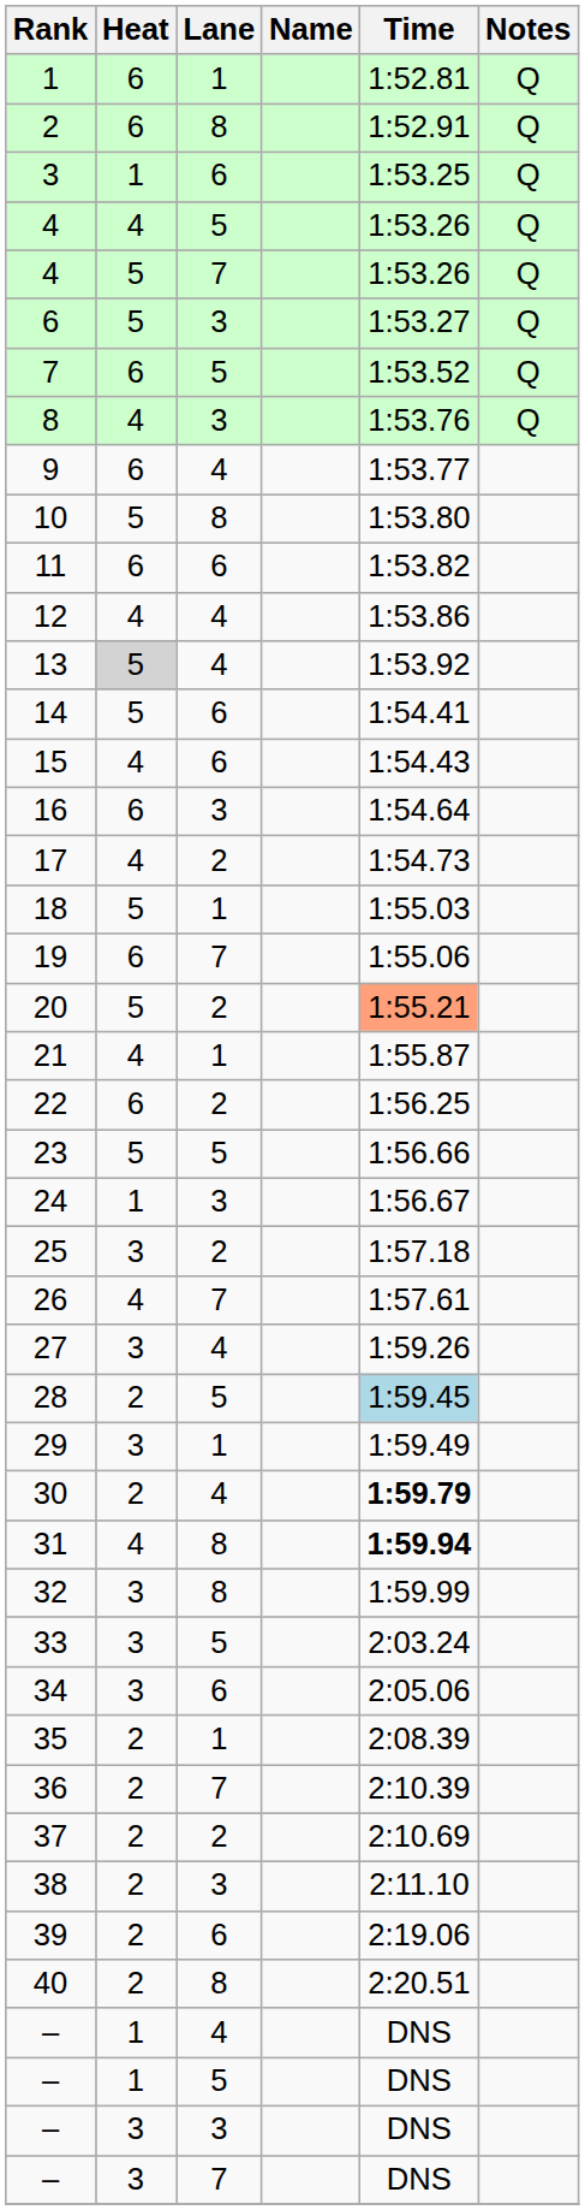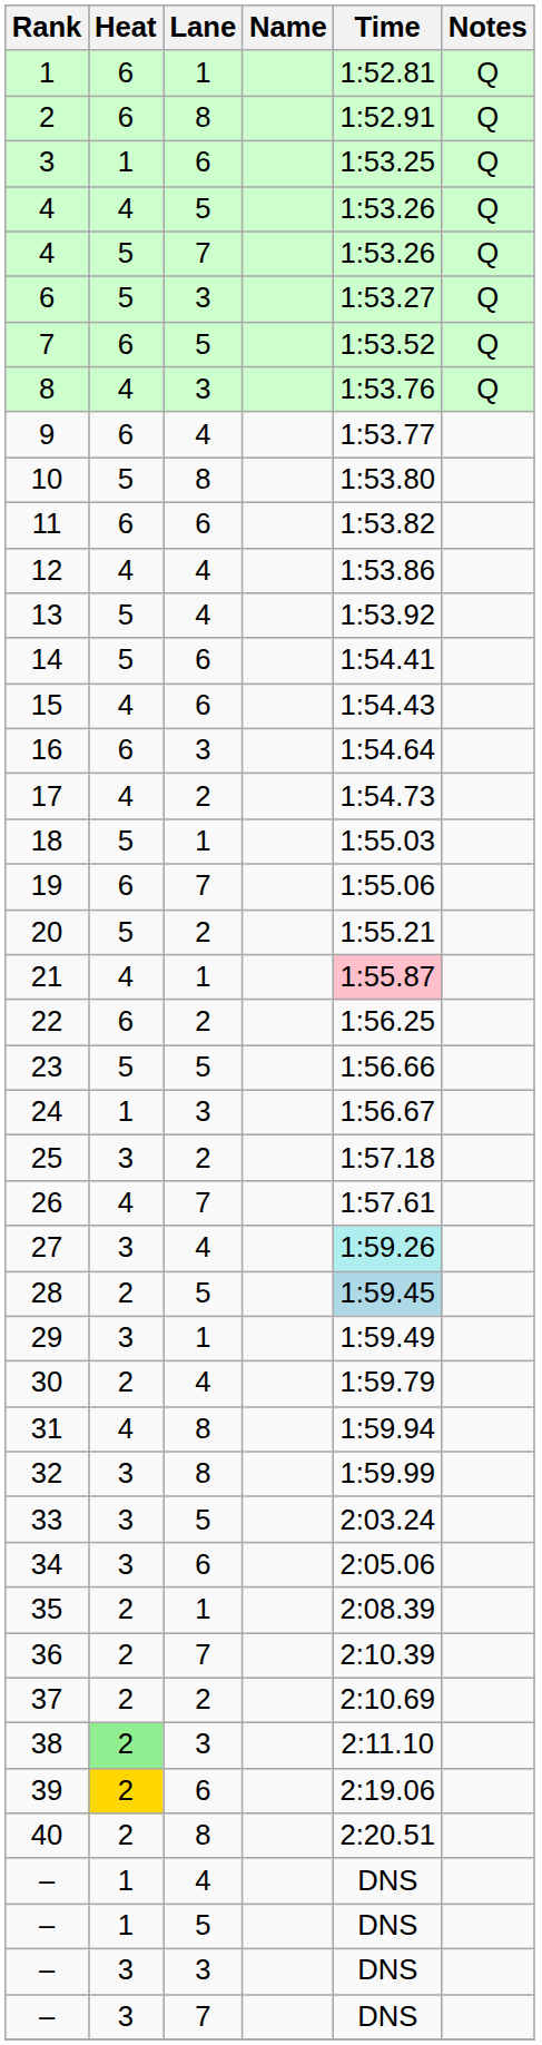 <table class="wikitable sortable" style="text-align:center">
 <tr>
 <th>Rank</th>
 <th>Heat</th>
 <th>Lane</th>
 <th>Name</th>
 <th>Time</th>
 <th>Notes</th>
 </tr>
 <tr bgcolor=ccffcc>
 <td>1</td>
 <td>6</td>
 <td>1</td>
 <td align=left></td>
 <td>1:52.81</td>
 <td>Q</td>
 </tr>
 <tr bgcolor=ccffcc>
 <td>2</td>
 <td>6</td>
 <td>8</td>
 <td align=left></td>
 <td>1:52.91</td>
 <td>Q</td>
 </tr>
 <tr bgcolor=ccffcc>
 <td>3</td>
 <td>1</td>
 <td>6</td>
 <td align=left></td>
 <td>1:53.25</td>
 <td>Q</td>
 </tr>
 <tr bgcolor=ccffcc>
 <td>4</td>
 <td>4</td>
 <td>5</td>
 <td align=left></td>
 <td>1:53.26</td>
 <td>Q</td>
 </tr>
 <tr bgcolor=ccffcc>
 <td>4</td>
 <td>5</td>
 <td>7</td>
 <td align=left></td>
 <td>1:53.26</td>
 <td>Q</td>
 </tr>
 <tr bgcolor=ccffcc>
 <td>6</td>
 <td>5</td>
 <td>3</td>
 <td align=left></td>
 <td>1:53.27</td>
 <td>Q</td>
 </tr>
 <tr bgcolor=ccffcc>
 <td>7</td>
 <td>6</td>
 <td>5</td>
 <td align=left></td>
 <td>1:53.52</td>
 <td>Q</td>
 </tr>
 <tr bgcolor=ccffcc>
 <td>8</td>
 <td>4</td>
 <td>3</td>
 <td align=left></td>
 <td>1:53.76</td>
 <td>Q</td>
 </tr>
 <tr>
 <td>9</td>
 <td>6</td>
 <td>4</td>
 <td align=left></td>
 <td>1:53.77</td>
 <td></td>
 </tr>
 <tr>
 <td>10</td>
 <td>5</td>
 <td>8</td>
 <td align=left></td>
 <td>1:53.80</td>
 <td></td>
 </tr>
 <tr>
 <td>11</td>
 <td>6</td>
 <td>6</td>
 <td align=left></td>
 <td>1:53.82</td>
 <td></td>
 </tr>
 <tr>
 <td>12</td>
 <td>4</td>
 <td>4</td>
 <td align=left></td>
 <td>1:53.86</td>
 <td></td>
 </tr>
 <tr>
 <td>13</td>
-<td style="background: lightgrey;">5</td>
+<td>5</td>
 <td>4</td>
 <td align=left></td>
 <td>1:53.92</td>
 <td></td>
 </tr>
 <tr>
 <td>14</td>
 <td>5</td>
 <td>6</td>
 <td align=left></td>
 <td>1:54.41</td>
 <td></td>
 </tr>
 <tr>
 <td>15</td>
 <td>4</td>
 <td>6</td>
 <td align=left></td>
 <td>1:54.43</td>
 <td></td>
 </tr>
 <tr>
 <td>16</td>
 <td>6</td>
 <td>3</td>
 <td align=left></td>
 <td>1:54.64</td>
 <td></td>
 </tr>
 <tr>
 <td>17</td>
 <td>4</td>
 <td>2</td>
 <td align=left></td>
 <td>1:54.73</td>
 <td></td>
 </tr>
 <tr>
 <td>18</td>
 <td>5</td>
 <td>1</td>
 <td align=left></td>
 <td>1:55.03</td>
 <td></td>
 </tr>
 <tr>
 <td>19</td>
 <td>6</td>
 <td>7</td>
 <td align=left></td>
 <td>1:55.06</td>
 <td></td>
 </tr>
 <tr>
 <td>20</td>
 <td>5</td>
 <td>2</td>
 <td align=left></td>
-<td style="background: lightsalmon;">1:55.21</td>
+<td>1:55.21</td>
 <td></td>
 </tr>
 <tr>
 <td>21</td>
 <td>4</td>
 <td>1</td>
 <td align=left></td>
-<td>1:55.87</td>
+<td style="background: pink;">1:55.87</td>
 <td></td>
 </tr>
 <tr>
 <td>22</td>
 <td>6</td>
 <td>2</td>
 <td align=left></td>
 <td>1:56.25</td>
 <td></td>
 </tr>
 <tr>
 <td>23</td>
 <td>5</td>
 <td>5</td>
 <td align=left></td>
 <td>1:56.66</td>
 <td></td>
 </tr>
 <tr>
 <td>24</td>
 <td>1</td>
 <td>3</td>
 <td align=left></td>
 <td>1:56.67</td>
 <td></td>
 </tr>
 <tr>
 <td>25</td>
 <td>3</td>
 <td>2</td>
 <td align=left></td>
 <td>1:57.18</td>
 <td></td>
 </tr>
 <tr>
 <td>26</td>
 <td>4</td>
 <td>7</td>
 <td align=left></td>
 <td>1:57.61</td>
 <td></td>
 </tr>
 <tr>
 <td>27</td>
 <td>3</td>
 <td>4</td>
 <td align=left></td>
-<td>1:59.26</td>
+<td style="background: paleturquoise;">1:59.26</td>
 <td></td>
 </tr>
 <tr>
 <td>28</td>
 <td>2</td>
 <td>5</td>
 <td align=left></td>
 <td style="background: lightblue;">1:59.45</td>
 <td></td>
 </tr>
 <tr>
 <td>29</td>
 <td>3</td>
 <td>1</td>
 <td align=left></td>
 <td>1:59.49</td>
 <td></td>
 </tr>
 <tr>
 <td>30</td>
 <td>2</td>
 <td>4</td>
 <td align=left></td>
-<td><strong>1:59.79</strong></td>
+<td>1:59.79</td>
 <td></td>
 </tr>
 <tr>
 <td>31</td>
 <td>4</td>
 <td>8</td>
 <td align=left></td>
-<td><strong>1:59.94</strong></td>
+<td>1:59.94</td>
 <td></td>
 </tr>
 <tr>
 <td>32</td>
 <td>3</td>
 <td>8</td>
 <td align=left></td>
 <td>1:59.99</td>
 <td></td>
 </tr>
 <tr>
 <td>33</td>
 <td>3</td>
 <td>5</td>
 <td align=left></td>
 <td>2:03.24</td>
 <td></td>
 </tr>
 <tr>
 <td>34</td>
 <td>3</td>
 <td>6</td>
 <td align=left></td>
 <td>2:05.06</td>
 <td></td>
 </tr>
 <tr>
 <td>35</td>
 <td>2</td>
 <td>1</td>
 <td align=left></td>
 <td>2:08.39</td>
 <td></td>
 </tr>
 <tr>
 <td>36</td>
 <td>2</td>
 <td>7</td>
 <td align=left></td>
 <td>2:10.39</td>
 <td></td>
 </tr>
 <tr>
 <td>37</td>
 <td>2</td>
 <td>2</td>
 <td align=left></td>
 <td>2:10.69</td>
 <td></td>
 </tr>
 <tr>
 <td>38</td>
-<td>2</td>
+<td style="background: lightgreen;">2</td>
 <td>3</td>
 <td align=left></td>
 <td>2:11.10</td>
 <td></td>
 </tr>
 <tr>
 <td>39</td>
-<td>2</td>
+<td style="background: gold;">2</td>
 <td>6</td>
 <td align=left></td>
 <td>2:19.06</td>
 <td></td>
 </tr>
 <tr>
 <td>40</td>
 <td>2</td>
 <td>8</td>
 <td align=left></td>
 <td>2:20.51</td>
 <td></td>
 </tr>
 <tr>
 <td>–</td>
 <td>1</td>
 <td>4</td>
 <td align=left></td>
 <td>DNS</td>
 <td></td>
 </tr>
 <tr>
 <td>–</td>
 <td>1</td>
 <td>5</td>
 <td align=left></td>
 <td>DNS</td>
 <td></td>
 </tr>
 <tr>
 <td>–</td>
 <td>3</td>
 <td>3</td>
 <td align=left></td>
 <td>DNS</td>
 <td></td>
 </tr>
 <tr>
 <td>–</td>
 <td>3</td>
 <td>7</td>
 <td align=left></td>
 <td>DNS</td>
 <td></td>
 </tr>
 <tr>
 </tr>
 </table>
